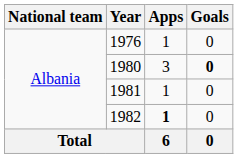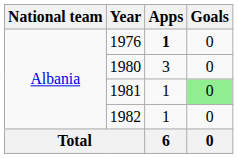 <table class=wikitable style="text-align: center;">
 <tr>
 <th>National team</th>
 <th>Year</th>
 <th>Apps</th>
 <th>Goals</th>
 </tr>
 <tr>
 <td rowspan=4><a href='#'>Albania</a></td>
 <td>1976</td>
-<td>1</td>
+<td><strong>1</strong></td>
 <td>0</td>
 </tr>
 <tr>
 <td>1980</td>
 <td>3</td>
-<td><strong>0</strong></td>
+<td>0</td>
 </tr>
 <tr>
 <td>1981</td>
 <td>1</td>
-<td>0</td>
+<td style="background: lightgreen;">0</td>
 </tr>
 <tr>
 <td>1982</td>
-<td><strong>1</strong></td>
+<td>1</td>
 <td>0</td>
 </tr>
 <tr>
 <th colspan=2>Total</th>
 <th>6</th>
 <th>0</th>
 </tr>
 </table>
